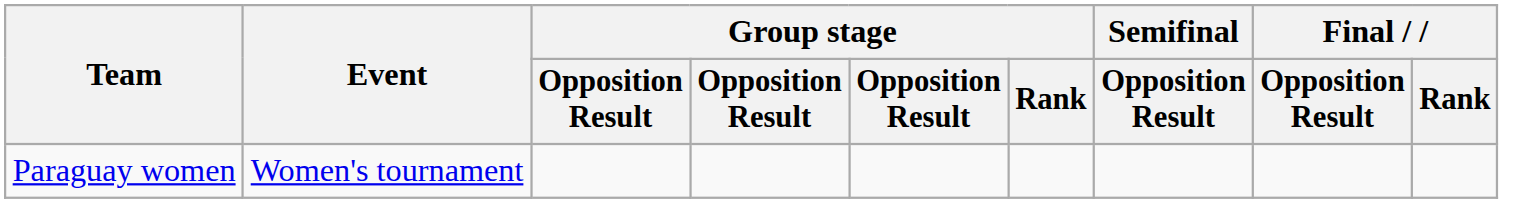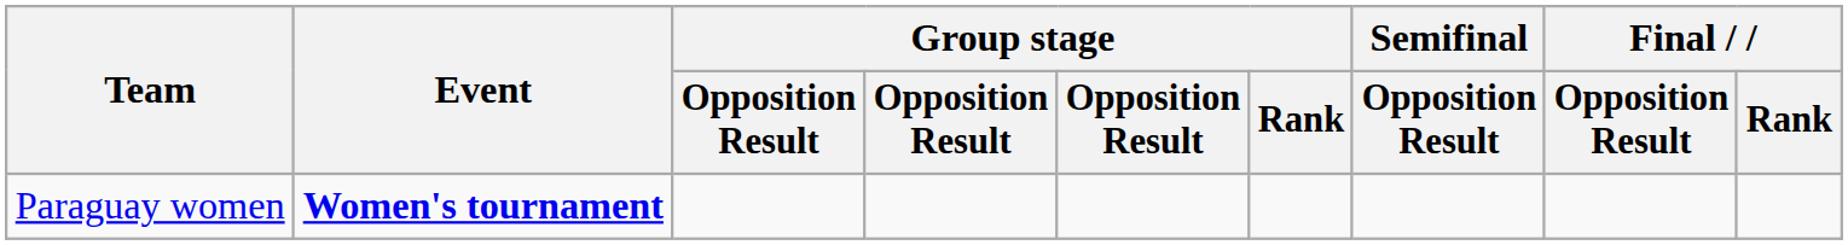 <table class=wikitable style=font-size:90%;text-align:center>
 <tr>
 <th rowspan=2>Team</th>
 <th rowspan=2>Event</th>
 <th colspan=4>Group stage</th>
 <th>Semifinal</th>
 <th colspan=2>Final /  / </th>
 </tr>
 <tr style=font-size:95%>
 <th>Opposition<br>Result</th>
 <th>Opposition<br>Result</th>
 <th>Opposition<br>Result</th>
 <th>Rank</th>
 <th>Opposition<br>Result</th>
 <th>Opposition<br>Result</th>
 <th>Rank</th>
 </tr>
 <tr>
 <td align=left><a href='#'>Paraguay women</a></td>
-<td align=left><a href='#'>Women's tournament</a></td>
+<td align=left><strong><a href='#'>Women's tournament</a></strong></td>
 <td></td>
 <td></td>
 <td></td>
 <td></td>
 <td></td>
 <td></td>
 <td></td>
 </tr>
 </table>
